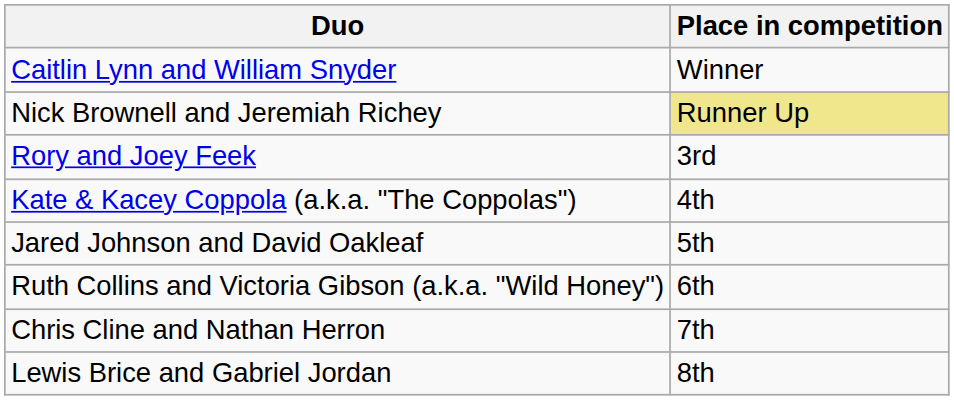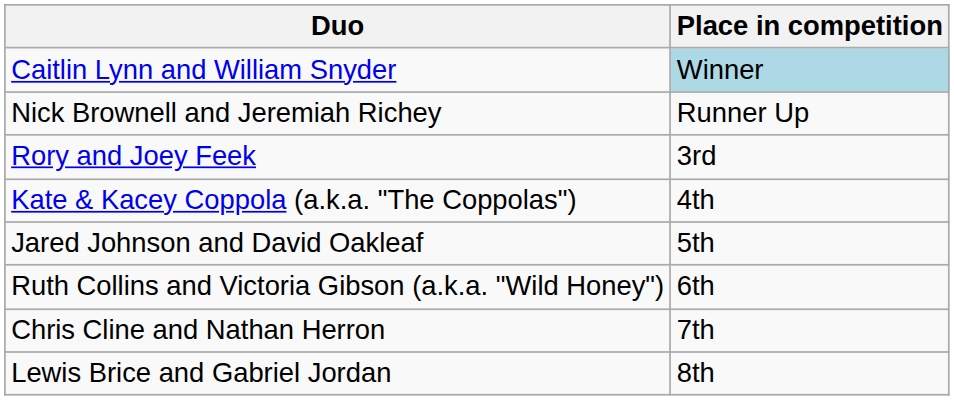 <table class="wikitable">
 <tr>
 <th>Duo</th>
 <th>Place in competition</th>
 </tr>
 <tr>
 <td><a href='#'>Caitlin Lynn and William Snyder</a></td>
-<td>Winner</td>
+<td style="background: lightblue;">Winner</td>
 </tr>
 <tr>
 <td>Nick Brownell and Jeremiah Richey</td>
-<td style="background: khaki;">Runner Up</td>
+<td>Runner Up</td>
 </tr>
 <tr>
 <td><a href='#'>Rory and Joey Feek</a></td>
 <td>3rd</td>
 </tr>
 <tr>
 <td><a href='#'>Kate & Kacey Coppola</a> (a.k.a. "The Coppolas")</td>
 <td>4th</td>
 </tr>
 <tr>
 <td>Jared Johnson and David Oakleaf</td>
 <td>5th</td>
 </tr>
 <tr>
 <td>Ruth Collins and Victoria Gibson (a.k.a. "Wild Honey")</td>
 <td>6th</td>
 </tr>
 <tr>
 <td>Chris Cline and Nathan Herron</td>
 <td>7th</td>
 </tr>
 <tr>
 <td>Lewis Brice and Gabriel Jordan</td>
 <td>8th</td>
 </tr>
 </table>
